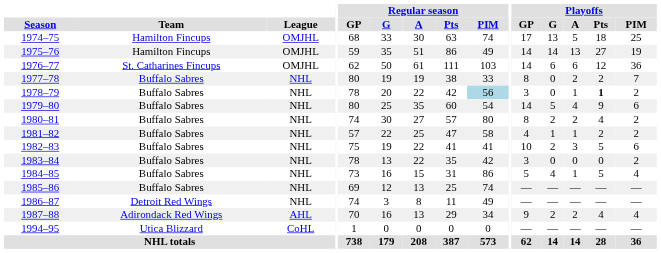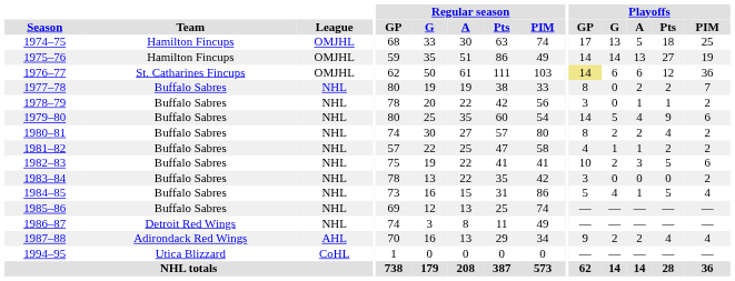 <table border="0" cellpadding="1" cellspacing="0" style="text-align:center; width:60em">
 <tr bgcolor="#e0e0e0">
 <th colspan="3" bgcolor="#ffffff"></th>
 <th rowspan="100" bgcolor="#ffffff"></th>
 <th colspan="5"><a href='#'>Regular season</a></th>
 <th rowspan="100" bgcolor="#ffffff"></th>
 <th colspan="5"><a href='#'>Playoffs</a></th>
 </tr>
 <tr bgcolor="#e0e0e0">
 <th><a href='#'>Season</a></th>
 <th>Team</th>
 <th>League</th>
 <th>GP</th>
 <th><a href='#'>G</a></th>
 <th><a href='#'>A</a></th>
 <th><a href='#'>Pts</a></th>
 <th><a href='#'>PIM</a></th>
 <th>GP</th>
 <th>G</th>
 <th>A</th>
 <th>Pts</th>
 <th>PIM</th>
 </tr>
 <tr>
 <td><a href='#'>1974–75</a></td>
 <td><a href='#'>Hamilton Fincups</a></td>
 <td><a href='#'>OMJHL</a></td>
 <td>68</td>
 <td>33</td>
 <td>30</td>
 <td>63</td>
 <td>74</td>
 <td>17</td>
 <td>13</td>
 <td>5</td>
 <td>18</td>
 <td>25</td>
 </tr>
 <tr bgcolor="#f0f0f0">
 <td><a href='#'>1975–76</a></td>
 <td>Hamilton Fincups</td>
 <td>OMJHL</td>
 <td>59</td>
 <td>35</td>
 <td>51</td>
 <td>86</td>
 <td>49</td>
 <td>14</td>
 <td>14</td>
 <td>13</td>
 <td>27</td>
 <td>19</td>
 </tr>
 <tr>
 <td><a href='#'>1976–77</a></td>
 <td><a href='#'>St. Catharines Fincups</a></td>
 <td>OMJHL</td>
 <td>62</td>
 <td>50</td>
 <td>61</td>
 <td>111</td>
 <td>103</td>
-<td>14</td>
+<td style="background: khaki;">14</td>
 <td>6</td>
 <td>6</td>
 <td>12</td>
 <td>36</td>
 </tr>
 <tr bgcolor="#f0f0f0">
 <td><a href='#'>1977–78</a></td>
 <td><a href='#'>Buffalo Sabres</a></td>
 <td><a href='#'>NHL</a></td>
 <td>80</td>
 <td>19</td>
 <td>19</td>
 <td>38</td>
 <td>33</td>
 <td>8</td>
 <td>0</td>
 <td>2</td>
 <td>2</td>
 <td>7</td>
 </tr>
 <tr>
 <td><a href='#'>1978–79</a></td>
 <td>Buffalo Sabres</td>
 <td>NHL</td>
 <td>78</td>
 <td>20</td>
 <td>22</td>
 <td>42</td>
-<td style="background: lightblue;">56</td>
+<td>56</td>
 <td>3</td>
 <td>0</td>
 <td>1</td>
-<td><strong>1</strong></td>
+<td>1</td>
 <td>2</td>
 </tr>
 <tr bgcolor="#f0f0f0">
 <td><a href='#'>1979–80</a></td>
 <td>Buffalo Sabres</td>
 <td>NHL</td>
 <td>80</td>
 <td>25</td>
 <td>35</td>
 <td>60</td>
 <td>54</td>
 <td>14</td>
 <td>5</td>
 <td>4</td>
 <td>9</td>
 <td>6</td>
 </tr>
 <tr>
 <td><a href='#'>1980–81</a></td>
 <td>Buffalo Sabres</td>
 <td>NHL</td>
 <td>74</td>
 <td>30</td>
 <td>27</td>
 <td>57</td>
 <td>80</td>
 <td>8</td>
 <td>2</td>
 <td>2</td>
 <td>4</td>
 <td>2</td>
 </tr>
 <tr bgcolor="#f0f0f0">
 <td><a href='#'>1981–82</a></td>
 <td>Buffalo Sabres</td>
 <td>NHL</td>
 <td>57</td>
 <td>22</td>
 <td>25</td>
 <td>47</td>
 <td>58</td>
 <td>4</td>
 <td>1</td>
 <td>1</td>
 <td>2</td>
 <td>2</td>
 </tr>
 <tr>
 <td><a href='#'>1982–83</a></td>
 <td>Buffalo Sabres</td>
 <td>NHL</td>
 <td>75</td>
 <td>19</td>
 <td>22</td>
 <td>41</td>
 <td>41</td>
 <td>10</td>
 <td>2</td>
 <td>3</td>
 <td>5</td>
 <td>6</td>
 </tr>
 <tr bgcolor="#f0f0f0">
 <td><a href='#'>1983–84</a></td>
 <td>Buffalo Sabres</td>
 <td>NHL</td>
 <td>78</td>
 <td>13</td>
 <td>22</td>
 <td>35</td>
 <td>42</td>
 <td>3</td>
 <td>0</td>
 <td>0</td>
 <td>0</td>
 <td>2</td>
 </tr>
 <tr>
 <td><a href='#'>1984–85</a></td>
 <td>Buffalo Sabres</td>
 <td>NHL</td>
 <td>73</td>
 <td>16</td>
 <td>15</td>
 <td>31</td>
 <td>86</td>
 <td>5</td>
 <td>4</td>
 <td>1</td>
 <td>5</td>
 <td>4</td>
 </tr>
 <tr bgcolor="#f0f0f0">
 <td><a href='#'>1985–86</a></td>
 <td>Buffalo Sabres</td>
 <td>NHL</td>
 <td>69</td>
 <td>12</td>
 <td>13</td>
 <td>25</td>
 <td>74</td>
 <td>—</td>
 <td>—</td>
 <td>—</td>
 <td>—</td>
 <td>—</td>
 </tr>
 <tr>
 <td><a href='#'>1986–87</a></td>
 <td><a href='#'>Detroit Red Wings</a></td>
 <td>NHL</td>
 <td>74</td>
 <td>3</td>
 <td>8</td>
 <td>11</td>
 <td>49</td>
 <td>—</td>
 <td>—</td>
 <td>—</td>
 <td>—</td>
 <td>—</td>
 </tr>
 <tr bgcolor="#f0f0f0">
 <td><a href='#'>1987–88</a></td>
 <td><a href='#'>Adirondack Red Wings</a></td>
 <td><a href='#'>AHL</a></td>
 <td>70</td>
 <td>16</td>
 <td>13</td>
 <td>29</td>
 <td>34</td>
 <td>9</td>
 <td>2</td>
 <td>2</td>
 <td>4</td>
 <td>4</td>
 </tr>
 <tr>
 <td><a href='#'>1994–95</a></td>
 <td><a href='#'>Utica Blizzard</a></td>
 <td><a href='#'>CoHL</a></td>
 <td>1</td>
 <td>0</td>
 <td>0</td>
 <td>0</td>
 <td>0</td>
 <td>—</td>
 <td>—</td>
 <td>—</td>
 <td>—</td>
 <td>—</td>
 </tr>
 <tr bgcolor="#e0e0e0">
 <th colspan="3">NHL totals</th>
 <th>738</th>
 <th>179</th>
 <th>208</th>
 <th>387</th>
 <th>573</th>
 <th>62</th>
 <th>14</th>
 <th>14</th>
 <th>28</th>
 <th>36</th>
 </tr>
 </table>
